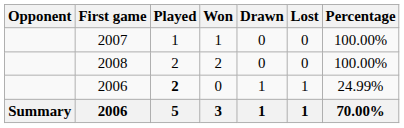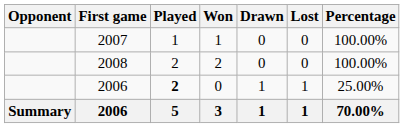 <table class="wikitable" style="text-align: center;">
 <tr>
 <th>Opponent</th>
 <th>First game</th>
 <th>Played</th>
 <th>Won</th>
 <th>Drawn</th>
 <th>Lost</th>
 <th>Percentage</th>
 </tr>
 <tr>
 <td style="text-align: left;"></td>
 <td>2007</td>
 <td>1</td>
 <td>1</td>
 <td>0</td>
 <td>0</td>
 <td>100.00%</td>
 </tr>
 <tr>
 <td style="text-align: left;"></td>
 <td>2008</td>
 <td>2</td>
 <td>2</td>
 <td>0</td>
 <td>0</td>
 <td>100.00%</td>
 </tr>
 <tr>
 <td style="text-align: left;"></td>
 <td>2006</td>
 <td><strong>2</strong></td>
 <td>0</td>
 <td>1</td>
 <td>1</td>
-<td>24.99%</td>
+<td>25.00%</td>
 </tr>
 <tr>
 <th>Summary</th>
 <th>2006</th>
 <th>5</th>
 <th>3</th>
 <th>1</th>
 <th>1</th>
 <th>70.00%</th>
 </tr>
 </table>
